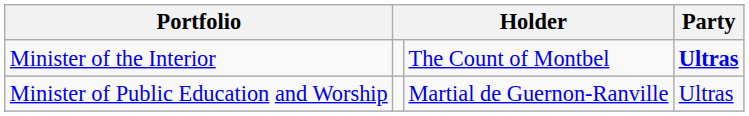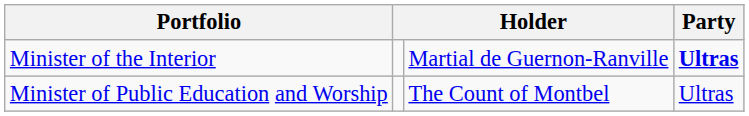 <table class="wikitable">
 <tr>
 <th>Portfolio</th>
 <th colspan=2>Holder</th>
 <th>Party</th>
 </tr>
 <tr>
 <td><a href='#'>Minister of the Interior</a></td>
 <td style="background:"></td>
-<td><a href='#'>The Count of Montbel</a></td>
+<td><a href='#'>Martial de Guernon-Ranville</a></td>
 <td><strong><a href='#'>Ultras</a></strong></td>
 </tr>
 <tr>
 <td><a href='#'>Minister of Public Education</a> <a href='#'>and Worship</a></td>
 <td style="background:"></td>
-<td><a href='#'>Martial de Guernon-Ranville</a></td>
+<td><a href='#'>The Count of Montbel</a></td>
 <td><a href='#'>Ultras</a></td>
 </tr>
 </table>
